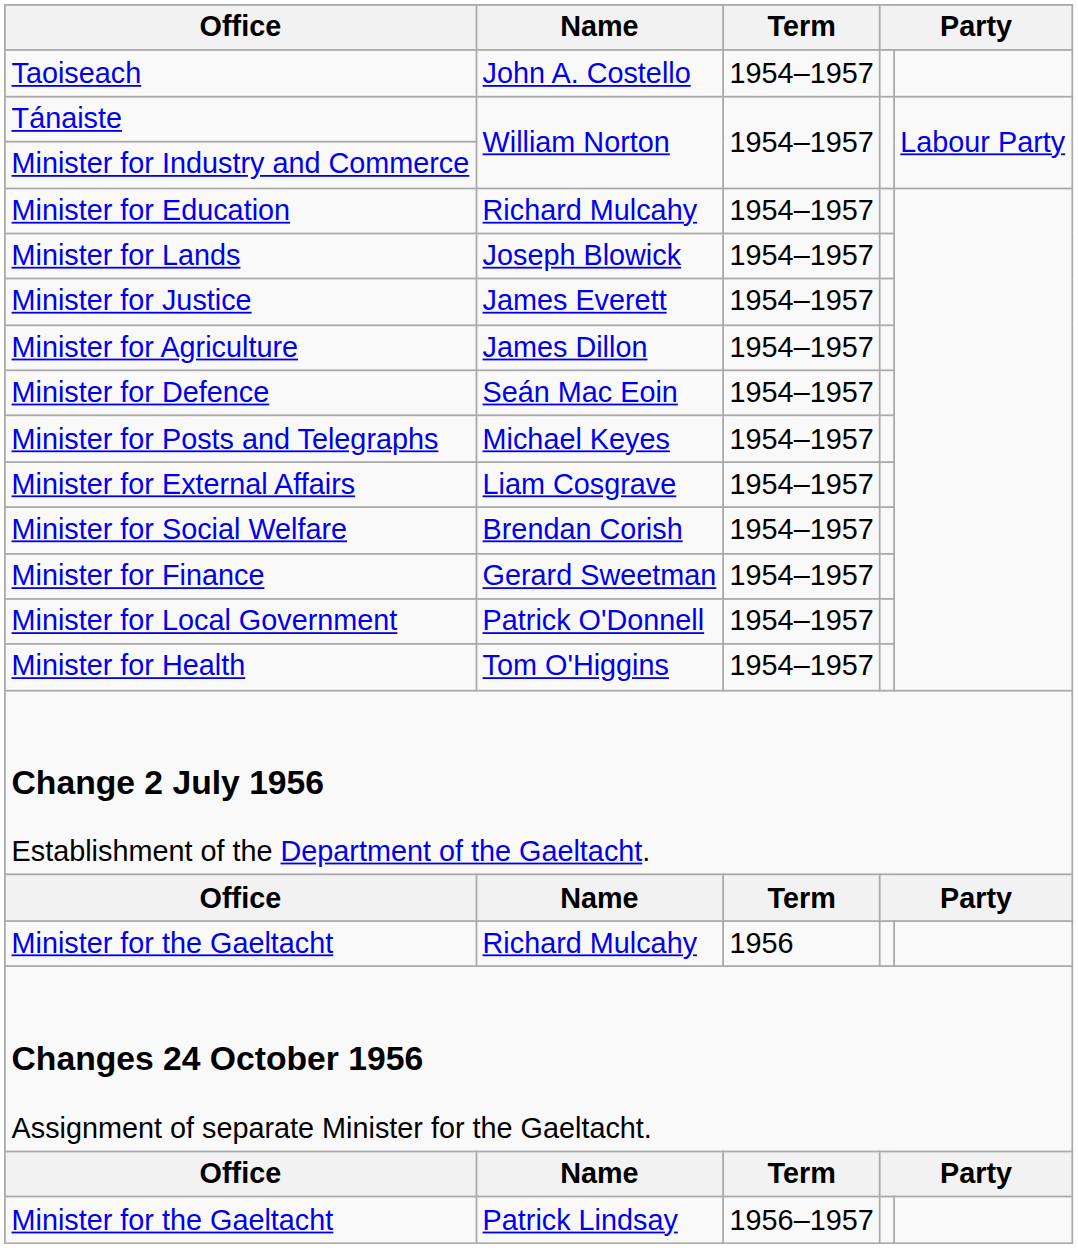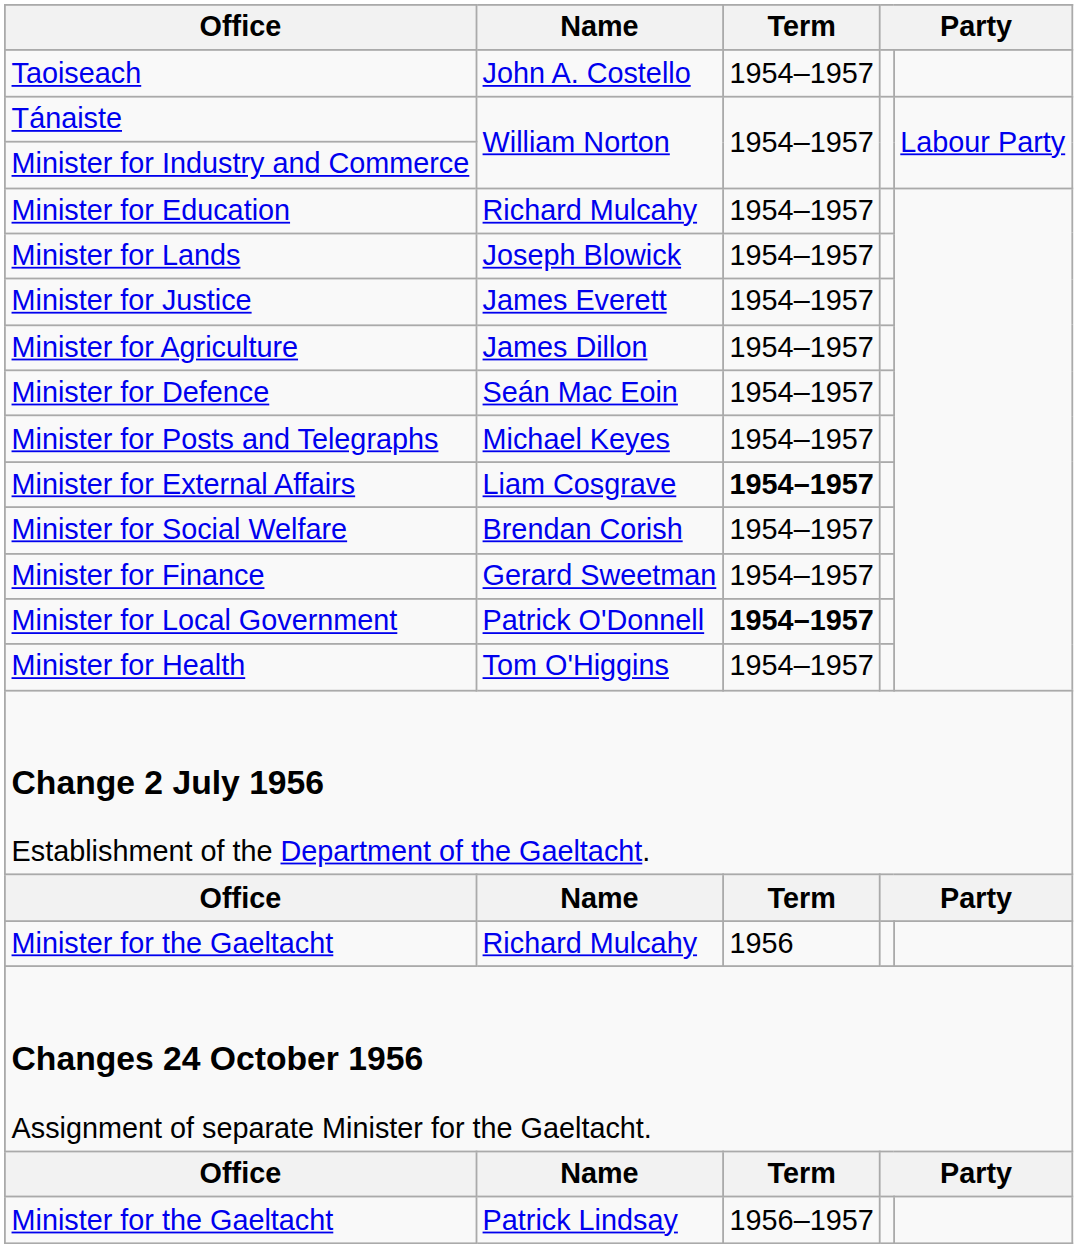 <table class="wikitable">
 <tr>
 <th>Office</th>
 <th>Name</th>
 <th>Term</th>
 <th colspan="2">Party</th>
 </tr>
 <tr>
 <td><a href='#'>Taoiseach</a></td>
 <td><a href='#'>John A. Costello</a></td>
 <td>1954–1957</td>
 <td></td>
 </tr>
 <tr>
 <td><a href='#'>Tánaiste</a></td>
 <td rowspan=2><a href='#'>William Norton</a></td>
 <td rowspan=2>1954–1957</td>
 <td rowspan=2 style="background-color: "></td>
 <td rowspan=2><a href='#'>Labour Party</a></td>
 </tr>
 <tr>
 <td><a href='#'>Minister for Industry and Commerce</a></td>
 </tr>
 <tr>
 <td><a href='#'>Minister for Education</a></td>
 <td><a href='#'>Richard Mulcahy</a></td>
 <td>1954–1957</td>
 <td></td>
 </tr>
 <tr>
 <td><a href='#'>Minister for Lands</a></td>
 <td><a href='#'>Joseph Blowick</a></td>
 <td>1954–1957</td>
 <td></td>
 </tr>
 <tr>
 <td><a href='#'>Minister for Justice</a></td>
 <td><a href='#'>James Everett</a></td>
 <td>1954–1957</td>
 <td></td>
 </tr>
 <tr>
 <td><a href='#'>Minister for Agriculture</a></td>
 <td><a href='#'>James Dillon</a></td>
 <td>1954–1957</td>
 <td></td>
 </tr>
 <tr>
 <td><a href='#'>Minister for Defence</a></td>
 <td><a href='#'>Seán Mac Eoin</a></td>
 <td>1954–1957</td>
 <td></td>
 </tr>
 <tr>
 <td><a href='#'>Minister for Posts and Telegraphs</a></td>
 <td><a href='#'>Michael Keyes</a></td>
 <td>1954–1957</td>
 <td></td>
 </tr>
 <tr>
 <td><a href='#'>Minister for External Affairs</a></td>
 <td><a href='#'>Liam Cosgrave</a></td>
-<td>1954–1957</td>
+<td><strong>1954–1957</strong></td>
 <td></td>
 </tr>
 <tr>
 <td><a href='#'>Minister for Social Welfare</a></td>
 <td><a href='#'>Brendan Corish</a></td>
 <td>1954–1957</td>
 <td></td>
 </tr>
 <tr>
 <td><a href='#'>Minister for Finance</a></td>
 <td><a href='#'>Gerard Sweetman</a></td>
 <td>1954–1957</td>
 <td></td>
 </tr>
 <tr>
 <td><a href='#'>Minister for Local Government</a></td>
 <td><a href='#'>Patrick O'Donnell</a></td>
-<td>1954–1957</td>
+<td><strong>1954–1957</strong></td>
 <td></td>
 </tr>
 <tr>
 <td><a href='#'>Minister for Health</a></td>
 <td><a href='#'>Tom O'Higgins</a></td>
 <td>1954–1957</td>
 <td></td>
 </tr>
 <tr>
 <td colspan="5"><br><h3>Change 2 July 1956</h3>Establishment of the <a href='#'>Department of the Gaeltacht</a>.</td>
 </tr>
 <tr>
 <th>Office</th>
 <th>Name</th>
 <th>Term</th>
 <th colspan="2">Party</th>
 </tr>
 <tr>
 <td><a href='#'>Minister for the Gaeltacht</a></td>
 <td><a href='#'>Richard Mulcahy</a></td>
 <td>1956</td>
 <td></td>
 </tr>
 <tr>
 <td colspan="5"><br><h3>Changes 24 October 1956</h3>Assignment of separate Minister for the Gaeltacht.</td>
 </tr>
 <tr>
 <th>Office</th>
 <th>Name</th>
 <th>Term</th>
 <th colspan="2">Party</th>
 </tr>
 <tr>
 <td><a href='#'>Minister for the Gaeltacht</a></td>
 <td><a href='#'>Patrick Lindsay</a></td>
 <td>1956–1957</td>
 <td></td>
 </tr>
 </table>
